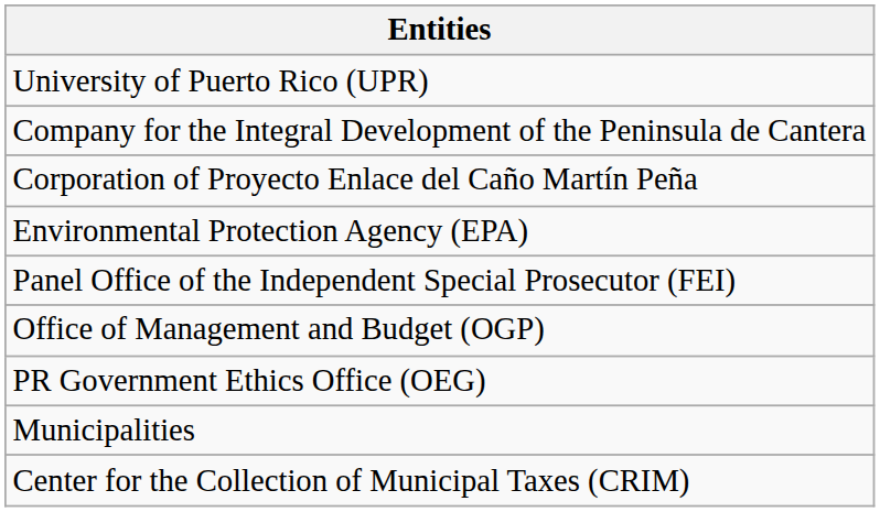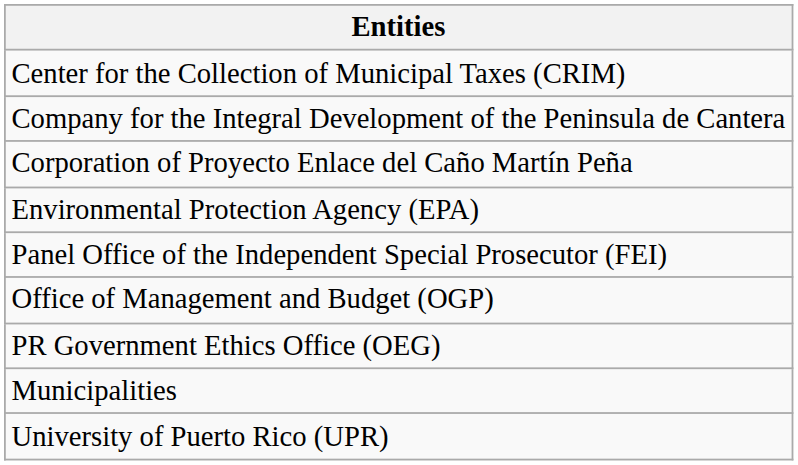 <table class="wikitable">
 <tr>
 <th>Entities</th>
 </tr>
 <tr>
-<td>University of Puerto Rico (UPR)</td>
+<td>Center for the Collection of Municipal Taxes (CRIM)</td>
 </tr>
 <tr>
 <td>Company for the Integral Development of the Peninsula de Cantera</td>
 </tr>
 <tr>
 <td>Corporation  of Proyecto Enlace del  Caño Martín Peña</td>
 </tr>
 <tr>
 <td>Environmental Protection Agency (EPA)</td>
 </tr>
 <tr>
 <td>Panel Office of the Independent Special Prosecutor (FEI)</td>
 </tr>
 <tr>
 <td>Office of Management and Budget (OGP)</td>
 </tr>
 <tr>
 <td>PR Government Ethics Office (OEG)</td>
 </tr>
 <tr>
 <td>Municipalities</td>
 </tr>
 <tr>
-<td>Center for the Collection of Municipal Taxes (CRIM)</td>
+<td>University of Puerto Rico (UPR)</td>
 </tr>
 </table>
